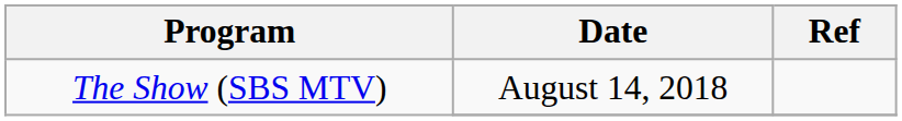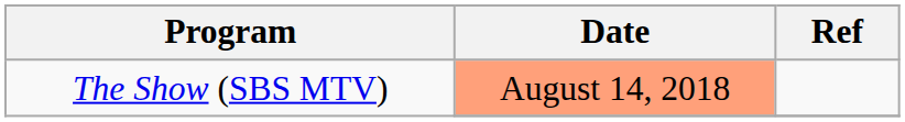 <table class="wikitable" style="text-align:center">
 <tr>
 <th width="200">Program</th>
 <th width="140">Date</th>
 <th width="50">Ref</th>
 </tr>
 <tr>
 <td rowspan="2"><em><a href='#'>The Show</a></em> (<a href='#'>SBS MTV</a>)</td>
-<td>August 14, 2018</td>
+<td style="background: lightsalmon;">August 14, 2018</td>
 <td></td>
 </tr>
 <tr>
 </tr>
 </table>
